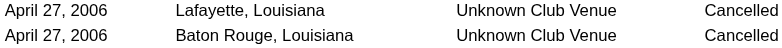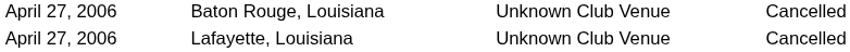 <table cellpadding="2" style="border: 0px solid darkgray; font-size:90%">
 <tr>
 <th width="150"></th>
 <th width="250"></th>
 <th width="220"></th>
 <th width="700"></th>
 </tr>
+<tr border="0">
+<td>April 27, 2006</td>
+<td>Baton Rouge, Louisiana</td>
+<td>Unknown Club Venue</td>
+<td>Cancelled </td>
+</tr>
 <tr>
 <td>April 27, 2006</td>
 <td>Lafayette, Louisiana</td>
 <td>Unknown Club Venue</td>
 <td>Cancelled </td>
 </tr>
-<tr border="0">
-<td>April 27, 2006</td>
-<td>Baton Rouge, Louisiana</td>
-<td>Unknown Club Venue</td>
-<td>Cancelled </td>
-</tr>
 </table>
